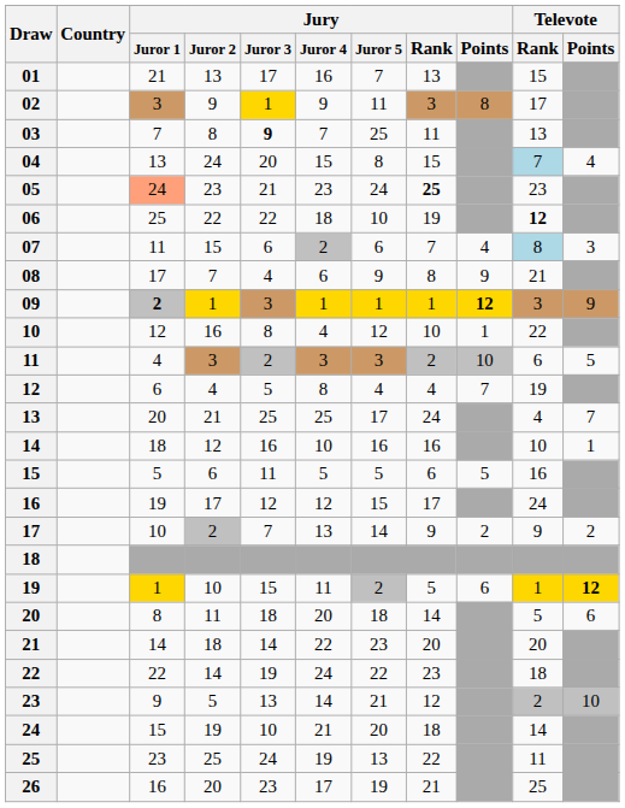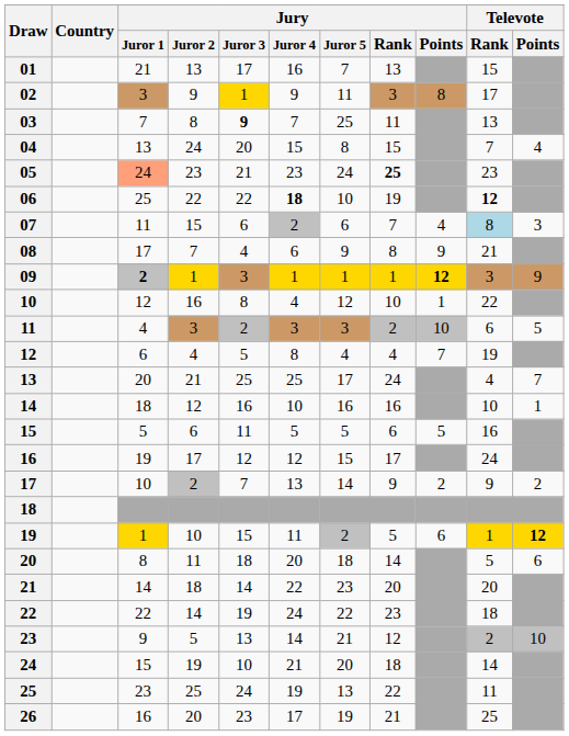 <table class="sortable wikitable collapsible plainrowheaders" style="text-align:center;">
 <tr>
 </tr>
 <tr>
 <th scope="col" rowspan="2">Draw</th>
 <th scope="col" rowspan="2">Country</th>
 <th scope="col" colspan="7">Jury</th>
 <th scope="col" colspan="2">Televote</th>
 </tr>
 <tr>
 <th scope="col"><small>Juror 1</small></th>
 <th scope="col"><small>Juror 2</small></th>
 <th scope="col"><small>Juror 3</small></th>
 <th scope="col"><small>Juror 4</small></th>
 <th scope="col"><small>Juror 5</small></th>
 <th scope="col">Rank</th>
 <th scope="col">Points</th>
 <th scope="col">Rank</th>
 <th scope="col">Points</th>
 </tr>
 <tr>
 <th scope="row" style="text-align:center;">01</th>
 <td style="text-align:left;"></td>
 <td>21</td>
 <td>13</td>
 <td>17</td>
 <td>16</td>
 <td>7</td>
 <td>13</td>
 <td style="background:#AAAAAA;"></td>
 <td>15</td>
 <td style="background:#AAAAAA;"></td>
 </tr>
 <tr>
 <th scope="row" style="text-align:center;">02</th>
 <td style="text-align:left;"></td>
 <td style="background:#CC9966;">3</td>
 <td>9</td>
 <td style="background:gold;">1</td>
 <td>9</td>
 <td>11</td>
 <td style="background:#CC9966;">3</td>
 <td style="background:#CC9966;">8</td>
 <td>17</td>
 <td style="background:#AAAAAA;"></td>
 </tr>
 <tr>
 <th scope="row" style="text-align:center;">03</th>
 <td style="text-align:left;"></td>
 <td>7</td>
 <td>8</td>
 <td><strong>9</strong></td>
 <td>7</td>
 <td>25</td>
 <td>11</td>
 <td style="background:#AAAAAA;"></td>
 <td>13</td>
 <td style="background:#AAAAAA;"></td>
 </tr>
 <tr>
 <th scope="row" style="text-align:center;">04</th>
 <td style="text-align:left;"></td>
 <td>13</td>
 <td>24</td>
 <td>20</td>
 <td>15</td>
 <td>8</td>
 <td>15</td>
 <td style="background:#AAAAAA;"></td>
-<td style="background: lightblue;">7</td>
+<td>7</td>
 <td>4</td>
 </tr>
 <tr>
 <th scope="row" style="text-align:center;">05</th>
 <td style="text-align:left;"></td>
 <td style="background: lightsalmon;">24</td>
 <td>23</td>
 <td>21</td>
 <td>23</td>
 <td>24</td>
 <td><strong>25</strong></td>
 <td style="background:#AAAAAA;"></td>
 <td>23</td>
 <td style="background:#AAAAAA;"></td>
 </tr>
 <tr>
 <th scope="row" style="text-align:center;">06</th>
 <td style="text-align:left;"></td>
 <td>25</td>
 <td>22</td>
 <td>22</td>
-<td>18</td>
+<td><strong>18</strong></td>
 <td>10</td>
 <td>19</td>
 <td style="background:#AAAAAA;"></td>
 <td><strong>12</strong></td>
 <td style="background:#AAAAAA;"></td>
 </tr>
 <tr>
 <th scope="row" style="text-align:center;">07</th>
 <td style="text-align:left;"></td>
 <td>11</td>
 <td>15</td>
 <td>6</td>
 <td style="background:silver;">2</td>
 <td>6</td>
 <td>7</td>
 <td>4</td>
 <td style="background: lightblue;">8</td>
 <td>3</td>
 </tr>
 <tr>
 <th scope="row" style="text-align:center;">08</th>
 <td style="text-align:left;"></td>
 <td>17</td>
 <td>7</td>
 <td>4</td>
 <td>6</td>
 <td>9</td>
 <td>8</td>
 <td>9</td>
 <td>21</td>
 <td style="background:#AAAAAA;"></td>
 </tr>
 <tr>
 <th scope="row" style="text-align:center;">09</th>
 <td style="text-align:left;"></td>
 <td style="background:silver;"><strong>2</strong></td>
 <td style="background:gold;">1</td>
 <td style="background:#CC9966;">3</td>
 <td style="background:gold;">1</td>
 <td style="background:gold;">1</td>
 <td style="background:gold;">1</td>
 <td style="background:gold;"><strong>12</strong></td>
 <td style="background:#CC9966;">3</td>
 <td style="background:#CC9966;">9</td>
 </tr>
 <tr>
 <th scope="row" style="text-align:center;">10</th>
 <td style="text-align:left;"></td>
 <td>12</td>
 <td>16</td>
 <td>8</td>
 <td>4</td>
 <td>12</td>
 <td>10</td>
 <td>1</td>
 <td>22</td>
 <td style="background:#AAAAAA;"></td>
 </tr>
 <tr>
 <th scope="row" style="text-align:center;">11</th>
 <td style="text-align:left;"></td>
 <td>4</td>
 <td style="background:#CC9966;">3</td>
 <td style="background:silver;">2</td>
 <td style="background:#CC9966;">3</td>
 <td style="background:#CC9966;">3</td>
 <td style="background:silver;">2</td>
 <td style="background:silver;">10</td>
 <td>6</td>
 <td>5</td>
 </tr>
 <tr>
 <th scope="row" style="text-align:center;">12</th>
 <td style="text-align:left;"></td>
 <td>6</td>
 <td>4</td>
 <td>5</td>
 <td>8</td>
 <td>4</td>
 <td>4</td>
 <td>7</td>
 <td>19</td>
 <td style="background:#AAAAAA;"></td>
 </tr>
 <tr>
 <th scope="row" style="text-align:center;">13</th>
 <td style="text-align:left;"></td>
 <td>20</td>
 <td>21</td>
 <td>25</td>
 <td>25</td>
 <td>17</td>
 <td>24</td>
 <td style="background:#AAAAAA;"></td>
 <td>4</td>
 <td>7</td>
 </tr>
 <tr>
 <th scope="row" style="text-align:center;">14</th>
 <td style="text-align:left;"></td>
 <td>18</td>
 <td>12</td>
 <td>16</td>
 <td>10</td>
 <td>16</td>
 <td>16</td>
 <td style="background:#AAAAAA;"></td>
 <td>10</td>
 <td>1</td>
 </tr>
 <tr>
 <th scope="row" style="text-align:center;">15</th>
 <td style="text-align:left;"></td>
 <td>5</td>
 <td>6</td>
 <td>11</td>
 <td>5</td>
 <td>5</td>
 <td>6</td>
 <td>5</td>
 <td>16</td>
 <td style="background:#AAAAAA;"></td>
 </tr>
 <tr>
 <th scope="row" style="text-align:center;">16</th>
 <td style="text-align:left;"></td>
 <td>19</td>
 <td>17</td>
 <td>12</td>
 <td>12</td>
 <td>15</td>
 <td>17</td>
 <td style="background:#AAAAAA;"></td>
 <td>24</td>
 <td style="background:#AAAAAA;"></td>
 </tr>
 <tr>
 <th scope="row" style="text-align:center;">17</th>
 <td style="text-align:left;"></td>
 <td>10</td>
 <td style="background:silver;">2</td>
 <td>7</td>
 <td>13</td>
 <td>14</td>
 <td>9</td>
 <td>2</td>
 <td>9</td>
 <td>2</td>
 </tr>
 <tr class="sortbottom">
 <th scope="row" style="text-align:center;">18</th>
 <td style="text-align:left;"></td>
 <td style="background:#AAAAAA;"></td>
 <td style="background:#AAAAAA;"></td>
 <td style="background:#AAAAAA;"></td>
 <td style="background:#AAAAAA;"></td>
 <td style="background:#AAAAAA;"></td>
 <td style="background:#AAAAAA;"></td>
 <td style="background:#AAAAAA;"></td>
 <td style="background:#AAAAAA;"></td>
 <td style="background:#AAAAAA;"></td>
 </tr>
 <tr>
 <th scope="row" style="text-align:center;">19</th>
 <td style="text-align:left;"></td>
 <td style="background:gold;">1</td>
 <td>10</td>
 <td>15</td>
 <td>11</td>
 <td style="background:silver;">2</td>
 <td>5</td>
 <td>6</td>
 <td style="background:gold;">1</td>
 <td style="background:gold;"><strong>12</strong></td>
 </tr>
 <tr>
 <th scope="row" style="text-align:center;">20</th>
 <td style="text-align:left;"></td>
 <td>8</td>
 <td>11</td>
 <td>18</td>
 <td>20</td>
 <td>18</td>
 <td>14</td>
 <td style="background:#AAAAAA;"></td>
 <td>5</td>
 <td>6</td>
 </tr>
 <tr>
 <th scope="row" style="text-align:center;">21</th>
 <td style="text-align:left;"></td>
 <td>14</td>
 <td>18</td>
 <td>14</td>
 <td>22</td>
 <td>23</td>
 <td>20</td>
 <td style="background:#AAAAAA;"></td>
 <td>20</td>
 <td style="background:#AAAAAA;"></td>
 </tr>
 <tr>
 <th scope="row" style="text-align:center;">22</th>
 <td style="text-align:left;"></td>
 <td>22</td>
 <td>14</td>
 <td>19</td>
 <td>24</td>
 <td>22</td>
 <td>23</td>
 <td style="background:#AAAAAA;"></td>
 <td>18</td>
 <td style="background:#AAAAAA;"></td>
 </tr>
 <tr>
 <th scope="row" style="text-align:center;">23</th>
 <td style="text-align:left;"></td>
 <td>9</td>
 <td>5</td>
 <td>13</td>
 <td>14</td>
 <td>21</td>
 <td>12</td>
 <td style="background:#AAAAAA;"></td>
 <td style="background:silver;">2</td>
 <td style="background:silver;">10</td>
 </tr>
 <tr>
 <th scope="row" style="text-align:center;">24</th>
 <td style="text-align:left;"></td>
 <td>15</td>
 <td>19</td>
 <td>10</td>
 <td>21</td>
 <td>20</td>
 <td>18</td>
 <td style="background:#AAAAAA;"></td>
 <td>14</td>
 <td style="background:#AAAAAA;"></td>
 </tr>
 <tr>
 <th scope="row" style="text-align:center;">25</th>
 <td style="text-align:left;"></td>
 <td>23</td>
 <td>25</td>
 <td>24</td>
 <td>19</td>
 <td>13</td>
 <td>22</td>
 <td style="background:#AAAAAA;"></td>
 <td>11</td>
 <td style="background:#AAAAAA;"></td>
 </tr>
 <tr>
 <th scope="row" style="text-align:center;">26</th>
 <td style="text-align:left;"></td>
 <td>16</td>
 <td>20</td>
 <td>23</td>
 <td>17</td>
 <td>19</td>
 <td>21</td>
 <td style="background:#AAAAAA;"></td>
 <td>25</td>
 <td style="background:#AAAAAA;"></td>
 </tr>
 </table>
